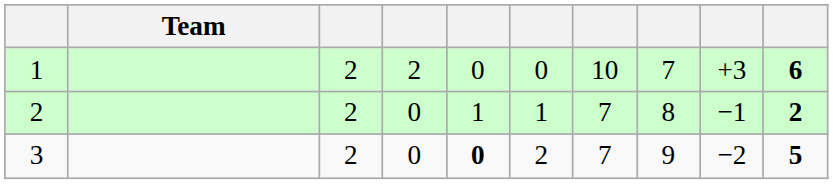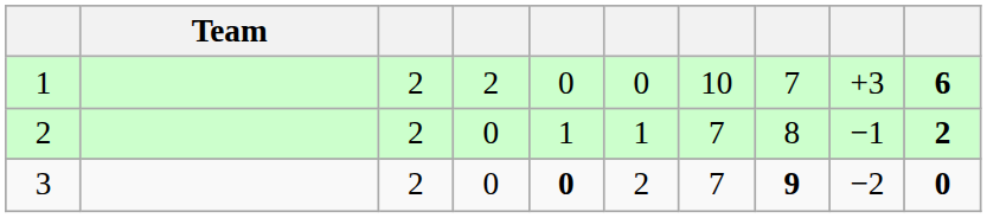 <table class="wikitable" style="text-align: center;">
 <tr>
 <th width="30"></th>
 <th width="140">Team</th>
 <th width="30"></th>
 <th width="30"></th>
 <th width="30"></th>
 <th width="30"></th>
 <th width="30"></th>
 <th width="30"></th>
 <th width="30"></th>
 <th width="30"></th>
 </tr>
 <tr align=center style="background:#ccffcc;">
 <td>1</td>
 <td style="text-align:left;"></td>
 <td>2</td>
 <td>2</td>
 <td>0</td>
 <td>0</td>
 <td>10</td>
 <td>7</td>
 <td>+3</td>
 <td><strong>6</strong></td>
 </tr>
 <tr align=center style="background:#ccffcc;">
 <td>2</td>
 <td style="text-align:left;"></td>
 <td>2</td>
 <td>0</td>
 <td>1</td>
 <td>1</td>
 <td>7</td>
 <td>8</td>
 <td>−1</td>
 <td><strong>2</strong></td>
 </tr>
 <tr align=center style="background:">
 <td>3</td>
 <td style="text-align:left;"></td>
 <td>2</td>
 <td>0</td>
 <td><strong>0</strong></td>
 <td>2</td>
 <td>7</td>
-<td>9</td>
+<td><strong>9</strong></td>
 <td>−2</td>
-<td><strong>5</strong></td>
+<td><strong>0</strong></td>
 </tr>
 </table>
